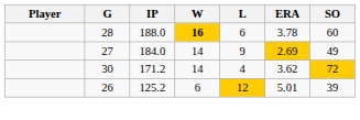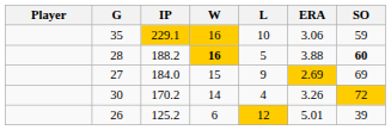 <table class="wikitable sortable">
 <tr>
 <th bgcolor="#DDDDFF" width="16%">Player</th>
 <th bgcolor="#DDDDFF" width="9%">G</th>
 <th bgcolor="#DDDDFF" width="9%">IP</th>
 <th bgcolor="#DDDDFF" width="9%">W</th>
 <th bgcolor="#DDDDFF" width="9%">L</th>
 <th bgcolor="#DDDDFF" width="9%">ERA</th>
 <th bgcolor="#DDDDFF" width="9%">SO</th>
 </tr>
 <tr align="center">
 <td></td>
+<td>35</td>
+<td style="background:#fc0;">229.1</td>
+<td style="background:#fc0;">16</td>
+<td>10</td>
+<td>3.06</td>
+<td>59</td>
+</tr>
+<tr align="center">
+<td></td>
 <td>28</td>
-<td>188.0</td>
+<td>188.2</td>
 <td style="background:#fc0;"><strong>16</strong></td>
-<td>6</td>
-<td>3.78</td>
-<td>60</td>
+<td>5</td>
+<td>3.88</td>
+<td><strong>60</strong></td>
 </tr>
 <tr align="center">
 <td></td>
 <td>27</td>
 <td>184.0</td>
-<td>14</td>
+<td>15</td>
 <td>9</td>
 <td style="background:#fc0;">2.69</td>
-<td>49</td>
+<td>69</td>
 </tr>
 <tr align="center">
 <td></td>
 <td>30</td>
-<td>171.2</td>
+<td>170.2</td>
 <td>14</td>
 <td>4</td>
-<td>3.62</td>
+<td>3.26</td>
 <td style="background:#fc0;">72</td>
 </tr>
 <tr align="center">
 <td></td>
 <td>26</td>
 <td>125.2</td>
 <td>6</td>
 <td style="background:#fc0;">12</td>
 <td>5.01</td>
 <td>39</td>
 </tr>
 </table>
